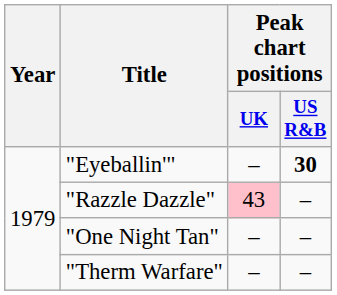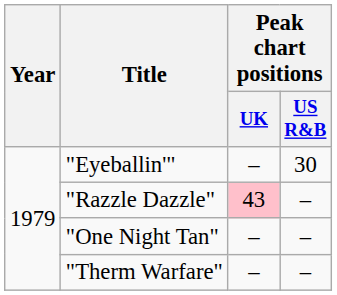 <table class="wikitable" style="text-align:center">
 <tr>
 <th scope="col" rowspan="2">Year</th>
 <th scope="col" rowspan="2">Title</th>
 <th scope="col" colspan="2">Peak chart<br>positions</th>
 </tr>
 <tr style=font-size:smaller>
 <th width="30"><a href='#'>UK</a><br></th>
 <th width="30"><a href='#'>US<br>R&B</a><br></th>
 </tr>
 <tr>
 <td rowspan=4>1979</td>
 <td align=left>"Eyeballin'"</td>
 <td>–</td>
-<td><strong>30</strong></td>
+<td>30</td>
 </tr>
 <tr>
 <td align=left>"Razzle Dazzle"</td>
 <td style="background: pink;">43</td>
 <td>–</td>
 </tr>
 <tr>
 <td align=left>"One Night Tan"</td>
 <td>–</td>
 <td>–</td>
 </tr>
 <tr>
 <td align=left>"Therm Warfare"</td>
 <td>–</td>
 <td>–</td>
 </tr>
 </table>
